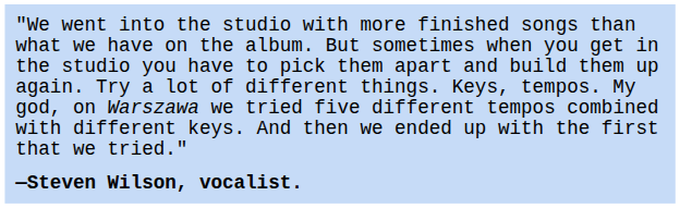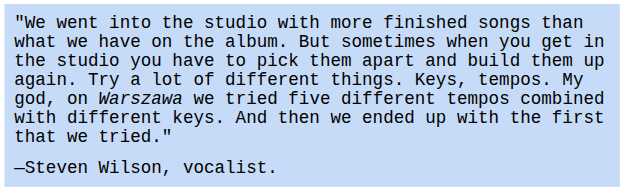 <table class="toccolours" style="float: right; margin-left: 1em; margin-right: 2em; font-size: 85%; background:#c6dbf7; color:black; width:35em; max-width: 50%;" cellspacing="5">
 <tr>
 <td style="text-align: left;">"We went into the studio with more finished songs than what we have on the album. But sometimes when you get in the studio you have to pick them apart and build them up again. Try a lot of different things. Keys, tempos. My god, on <em>Warszawa</em> we tried five different tempos combined with different keys. And then we ended up with the first that we tried."</td>
 </tr>
 <tr>
-<td style="text-align: left;"><strong>—Steven Wilson, vocalist.</strong></td>
+<td style="text-align: left;">—Steven Wilson, vocalist.</td>
 </tr>
 </table>
